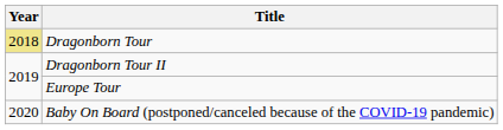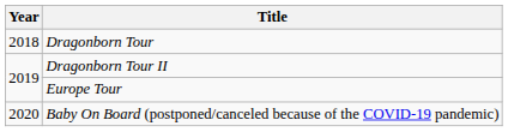 <table class="wikitable">
 <tr>
 <th>Year</th>
 <th>Title</th>
 </tr>
 <tr>
-<td style="background: khaki;">2018</td>
+<td>2018</td>
 <td><em>Dragonborn Tour</em></td>
 </tr>
 <tr>
 <td rowspan="2">2019</td>
 <td><em>Dragonborn Tour II</em></td>
 </tr>
 <tr>
 <td><em>Europe Tour</em></td>
 </tr>
 <tr>
 <td>2020</td>
 <td><em>Baby On Board</em> (postponed/canceled because of the <a href='#'>COVID-19</a> pandemic)</td>
 </tr>
 </table>
